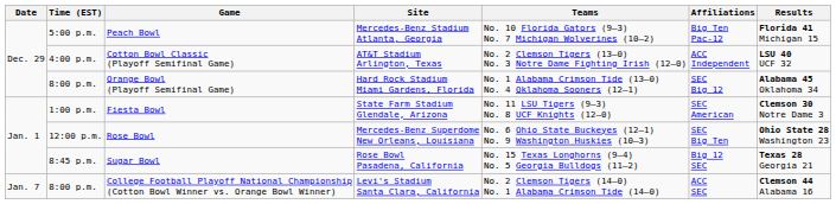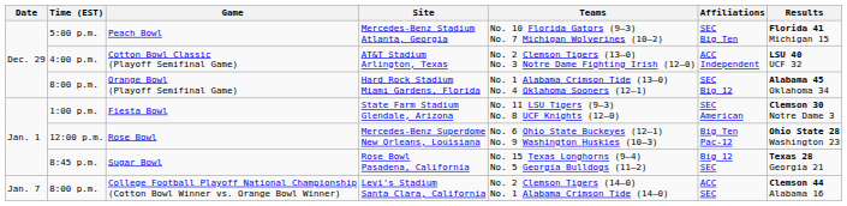 <table class="wikitable" style="font-size:90%">
 <tr>
 <th>Date</th>
 <th>Time (EST)</th>
 <th>Game</th>
 <th>Site</th>
 <th>Teams</th>
 <th>Affiliations</th>
 <th>Results</th>
 </tr>
 <tr>
 <td rowspan=3 style=white–space:nowrap>Dec. 29</td>
 <td>5:00 p.m.</td>
 <td><a href='#'>Peach Bowl</a></td>
 <td><a href='#'>Mercedes-Benz Stadium</a><br><a href='#'>Atlanta, Georgia</a></td>
 <td>No. 10 <a href='#'>Florida Gators</a> (9–3)<br>No. 7 <a href='#'>Michigan Wolverines</a> (10–2)</td>
-<td><a href='#'>Big Ten</a><br><a href='#'>Pac-12</a></td>
+<td><a href='#'>SEC</a><br><a href='#'>Big Ten</a></td>
 <td><strong>Florida 41</strong><br>Michigan 15</td>
 </tr>
 <tr>
 <td>4:00 p.m.</td>
 <td><a href='#'>Cotton Bowl Classic</a><br>(Playoff Semifinal Game)</td>
 <td><a href='#'>AT&T Stadium</a><br><a href='#'>Arlington, Texas</a></td>
 <td>No. 2 <a href='#'>Clemson Tigers</a> (13–0)<br>No. 3 <a href='#'>Notre Dame Fighting Irish</a> (12–0)</td>
 <td><a href='#'>ACC</a><br><a href='#'>Independent</a></td>
 <td><strong>LSU 40</strong><br>UCF 32</td>
 </tr>
 <tr>
 <td>8:00 p.m.</td>
 <td><a href='#'>Orange Bowl</a><br>(Playoff Semifinal Game)</td>
 <td><a href='#'>Hard Rock Stadium</a><br><a href='#'>Miami Gardens, Florida</a></td>
 <td>No. 1 <a href='#'>Alabama Crimson Tide</a> (13–0)<br>No. 4 <a href='#'>Oklahoma Sooners</a> (12–1)</td>
 <td><a href='#'>SEC</a><br><a href='#'>Big 12</a></td>
 <td><strong>Alabama 45</strong><br>Oklahoma 34</td>
 </tr>
 <tr>
 <td rowspan=3 style=white–space:nowrap>Jan. 1</td>
 <td>1:00 p.m.</td>
 <td><a href='#'>Fiesta Bowl</a></td>
 <td><a href='#'>State Farm Stadium</a><br><a href='#'>Glendale, Arizona</a></td>
 <td>No. 11 <a href='#'>LSU Tigers</a> (9–3)<br>No. 8 <a href='#'>UCF Knights</a> (12–0)</td>
 <td><a href='#'>SEC</a><br><a href='#'>American</a></td>
 <td><strong>Clemson 30</strong><br>Notre Dame 3</td>
 </tr>
 <tr>
 <td>12:00 p.m.</td>
 <td><a href='#'>Rose Bowl</a></td>
 <td><a href='#'>Mercedes-Benz Superdome</a><br><a href='#'>New Orleans, Louisiana</a></td>
 <td>No. 6 <a href='#'>Ohio State Buckeyes</a> (12–1)<br>No. 9 <a href='#'>Washington Huskies</a> (10–3)</td>
-<td><a href='#'>SEC</a><br><a href='#'>Big Ten</a></td>
+<td><a href='#'>Big Ten</a><br><a href='#'>Pac-12</a></td>
 <td><strong>Ohio State 28</strong><br>Washington 23</td>
 </tr>
 <tr>
 <td>8:45 p.m.</td>
 <td><a href='#'>Sugar Bowl</a></td>
 <td><a href='#'>Rose Bowl</a><br><a href='#'>Pasadena, California</a></td>
 <td>No. 15 <a href='#'>Texas Longhorns</a> (9–4)<br>No. 5 <a href='#'>Georgia Bulldogs</a> (11–2)</td>
 <td><a href='#'>Big 12</a><br><a href='#'>SEC</a></td>
 <td><strong>Texas 28</strong><br>Georgia 21</td>
 </tr>
 <tr>
 <td>Jan. 7</td>
 <td>8:00 p.m.</td>
 <td><a href='#'>College Football Playoff National Championship</a><br>(Cotton Bowl Winner vs. Orange Bowl Winner)</td>
 <td><a href='#'>Levi's Stadium</a><br><a href='#'>Santa Clara, California</a></td>
 <td>No. 2 <a href='#'>Clemson Tigers</a> (14–0)<br>No. 1 <a href='#'>Alabama Crimson Tide</a> (14–0)</td>
 <td><a href='#'>ACC</a><br><a href='#'>SEC</a></td>
 <td><strong>Clemson 44</strong><br>Alabama 16</td>
 </tr>
 </table>
